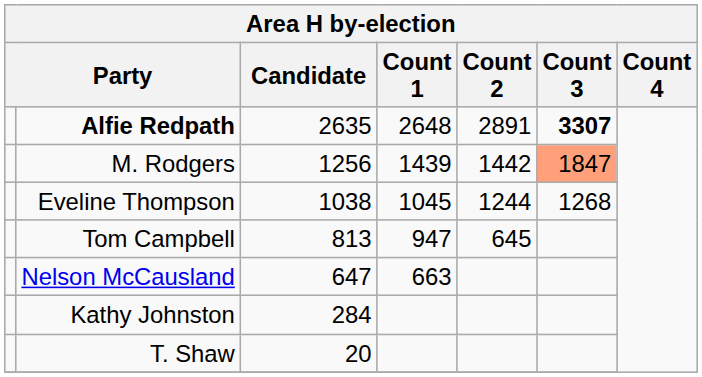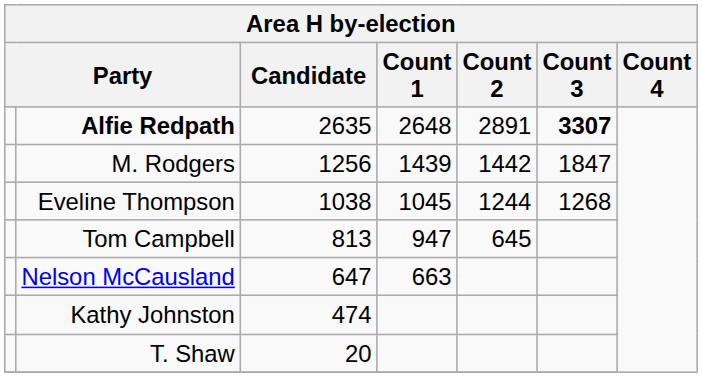 <table class="wikitable" style="font-size: 95%;">
 <tr>
 <th colspan="11">Area H by-election</th>
 </tr>
 <tr>
 <th colspan="2" style="width: 80px">Party</th>
 <th style="width: 80px">Candidate</th>
 <th style="width: 40px">Count 1</th>
 <th style="width: 40px">Count 2</th>
 <th style="width: 40px">Count 3</th>
 <th style="width: 40px">Count 4</th>
 </tr>
 <tr>
 <td></td>
 <td align="right"><strong>Alfie Redpath</strong></td>
 <td align="right">2635</td>
 <td align="right">2648</td>
 <td align="right">2891</td>
 <td align="right"><strong>3307</strong></td>
 </tr>
 <tr>
 <td></td>
 <td align="right">M. Rodgers</td>
 <td align="right">1256</td>
 <td align="right">1439</td>
 <td align="right">1442</td>
-<td align="right" style="background: lightsalmon;">1847</td>
+<td align="right">1847</td>
 </tr>
 <tr>
 <td></td>
 <td align="right">Eveline Thompson</td>
 <td align="right">1038</td>
 <td align="right">1045</td>
 <td align="right">1244</td>
 <td align="right">1268</td>
 </tr>
 <tr>
 <td></td>
 <td align="right">Tom Campbell</td>
 <td align="right">813</td>
 <td align="right">947</td>
 <td align="right">645</td>
 <td align="right"></td>
 </tr>
 <tr>
 <td></td>
 <td align="right"><a href='#'>Nelson McCausland</a></td>
 <td align="right">647</td>
 <td align="right">663</td>
 <td align="right"></td>
 <td align="right"></td>
 </tr>
 <tr>
 <td></td>
 <td align="right">Kathy Johnston</td>
-<td align="right">284</td>
+<td align="right">474</td>
 <td align="right"></td>
 <td align="right"></td>
 <td align="right"></td>
 </tr>
 <tr>
 <td></td>
 <td align="right">T. Shaw</td>
 <td align="right">20</td>
 <td align="right"></td>
 <td align="right"></td>
 <td align="right"></td>
 </tr>
 <tr>
 </tr>
 <tr style="background-color:#E9E9E9">
 </tr>
 <tr>
 </tr>
 </table>
